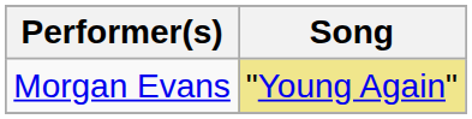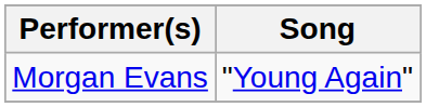 <table class="wikitable" style="text-align:center;">
 <tr>
 </tr>
 <tr>
 <th>Performer(s)</th>
 <th>Song</th>
 </tr>
 <tr>
 <td><a href='#'>Morgan Evans</a></td>
-<td style="background: khaki;">"<a href='#'>Young Again</a>"</td>
+<td>"<a href='#'>Young Again</a>"</td>
 </tr>
 <tr>
 </tr>
 </table>
